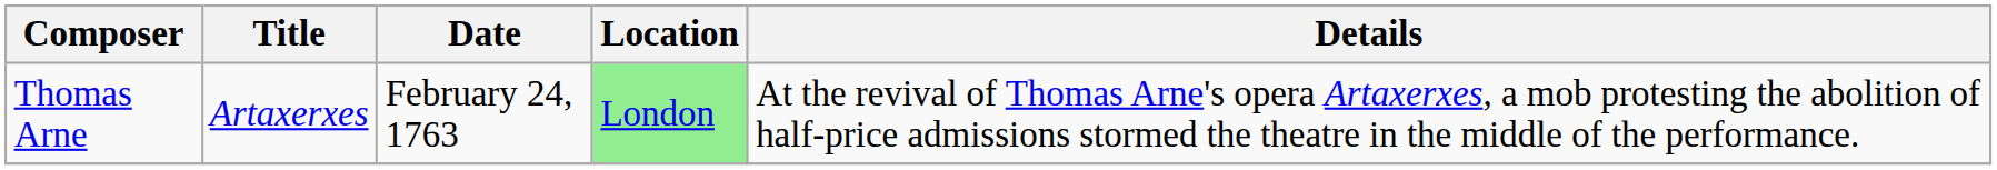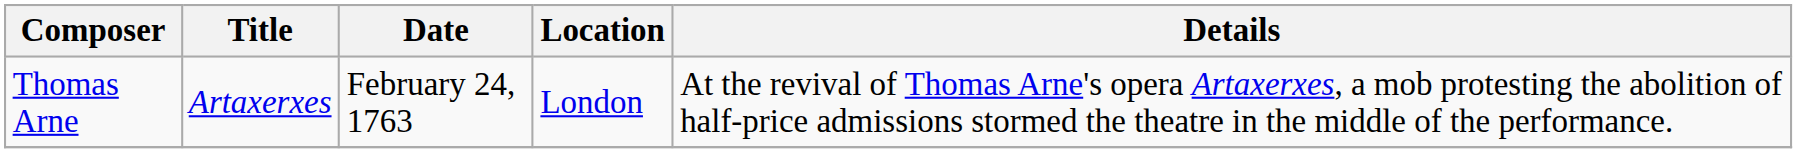 <table class="wikitable">
 <tr>
 <th>Composer</th>
 <th>Title</th>
 <th>Date</th>
 <th>Location</th>
 <th>Details</th>
 </tr>
 <tr>
 <td><a href='#'>Thomas Arne</a></td>
 <td><em><a href='#'>Artaxerxes</a></em></td>
 <td>February 24, 1763</td>
-<td style="background: lightgreen;"><a href='#'>London</a></td>
+<td><a href='#'>London</a></td>
 <td>At the revival of <a href='#'>Thomas Arne</a>'s opera <em><a href='#'>Artaxerxes</a></em>, a mob protesting the abolition of half-price admissions stormed the theatre in the middle of the performance.</td>
 </tr>
 <tr>
 </tr>
 </table>
